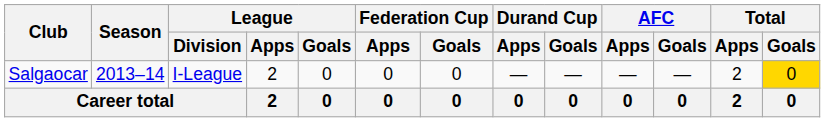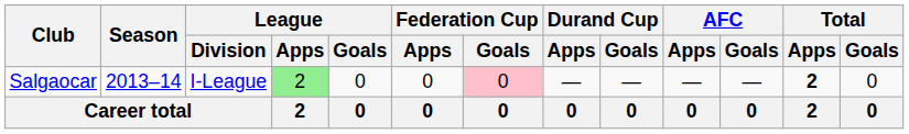 <table class="wikitable" style="text-align: center;">
 <tr>
 <th rowspan="2">Club</th>
 <th rowspan="2">Season</th>
 <th colspan="3">League</th>
 <th colspan="2">Federation Cup</th>
 <th colspan="2">Durand Cup</th>
 <th colspan="2"><a href='#'>AFC</a></th>
 <th colspan="2">Total</th>
 </tr>
 <tr>
 <th>Division</th>
 <th>Apps</th>
 <th>Goals</th>
 <th>Apps</th>
 <th>Goals</th>
 <th>Apps</th>
 <th>Goals</th>
 <th>Apps</th>
 <th>Goals</th>
 <th>Apps</th>
 <th>Goals</th>
 </tr>
 <tr>
 <td rowspan="1"><a href='#'>Salgaocar</a></td>
 <td><a href='#'>2013–14</a></td>
 <td><a href='#'>I-League</a></td>
-<td>2</td>
+<td style="background: lightgreen;">2</td>
 <td>0</td>
 <td>0</td>
-<td>0</td>
+<td style="background: pink;">0</td>
 <td>—</td>
 <td>—</td>
 <td>—</td>
 <td>—</td>
-<td>2</td>
-<td style="background: gold;">0</td>
+<td><strong>2</strong></td>
+<td>0</td>
 </tr>
 <tr>
 <th colspan="3">Career total</th>
 <th>2</th>
 <th>0</th>
 <th>0</th>
 <th>0</th>
 <th>0</th>
 <th>0</th>
 <th>0</th>
 <th>0</th>
 <th>2</th>
 <th>0</th>
 </tr>
 </table>
